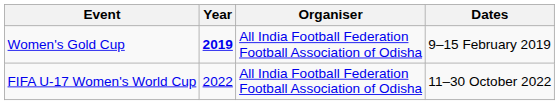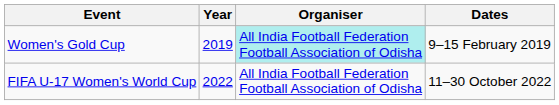 <table class="wikitable sortable">
 <tr>
 <th>Event</th>
 <th>Year</th>
 <th>Organiser</th>
 <th>Dates</th>
 </tr>
 <tr>
 <td><a href='#'>Women's Gold Cup</a></td>
-<td><strong><a href='#'>2019</a></strong></td>
-<td><a href='#'>All India Football Federation</a><br> <a href='#'>Football Association of Odisha</a></td>
+<td><a href='#'>2019</a></td>
+<td style="background: paleturquoise;"><a href='#'>All India Football Federation</a><br> <a href='#'>Football Association of Odisha</a></td>
 <td>9–15 February 2019</td>
 </tr>
 <tr>
 <td><a href='#'>FIFA U-17 Women's World Cup</a></td>
 <td><a href='#'>2022</a></td>
 <td><a href='#'>All India Football Federation</a><br> <a href='#'>Football Association of Odisha</a></td>
 <td>11–30 October 2022</td>
 </tr>
 </table>
